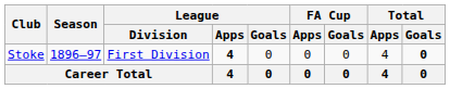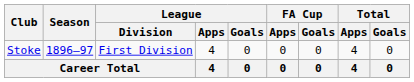 <table class="wikitable" style="text-align: center;">
 <tr>
 <th rowspan="2">Club</th>
 <th rowspan="2">Season</th>
 <th colspan="3">League</th>
 <th colspan="2">FA Cup</th>
 <th colspan="2">Total</th>
 </tr>
 <tr>
 <th>Division</th>
 <th>Apps</th>
 <th>Goals</th>
 <th>Apps</th>
 <th>Goals</th>
 <th>Apps</th>
 <th>Goals</th>
 </tr>
 <tr>
 <td><a href='#'>Stoke</a></td>
 <td><a href='#'>1896–97</a></td>
 <td><a href='#'>First Division</a></td>
-<td><strong>4</strong></td>
+<td>4</td>
 <td>0</td>
 <td>0</td>
 <td>0</td>
 <td>4</td>
-<td><strong>0</strong></td>
+<td>0</td>
 </tr>
 <tr>
 <th colspan="3">Career Total</th>
 <th>4</th>
 <th>0</th>
 <th>0</th>
 <th>0</th>
 <th>4</th>
 <th>0</th>
 </tr>
 </table>
